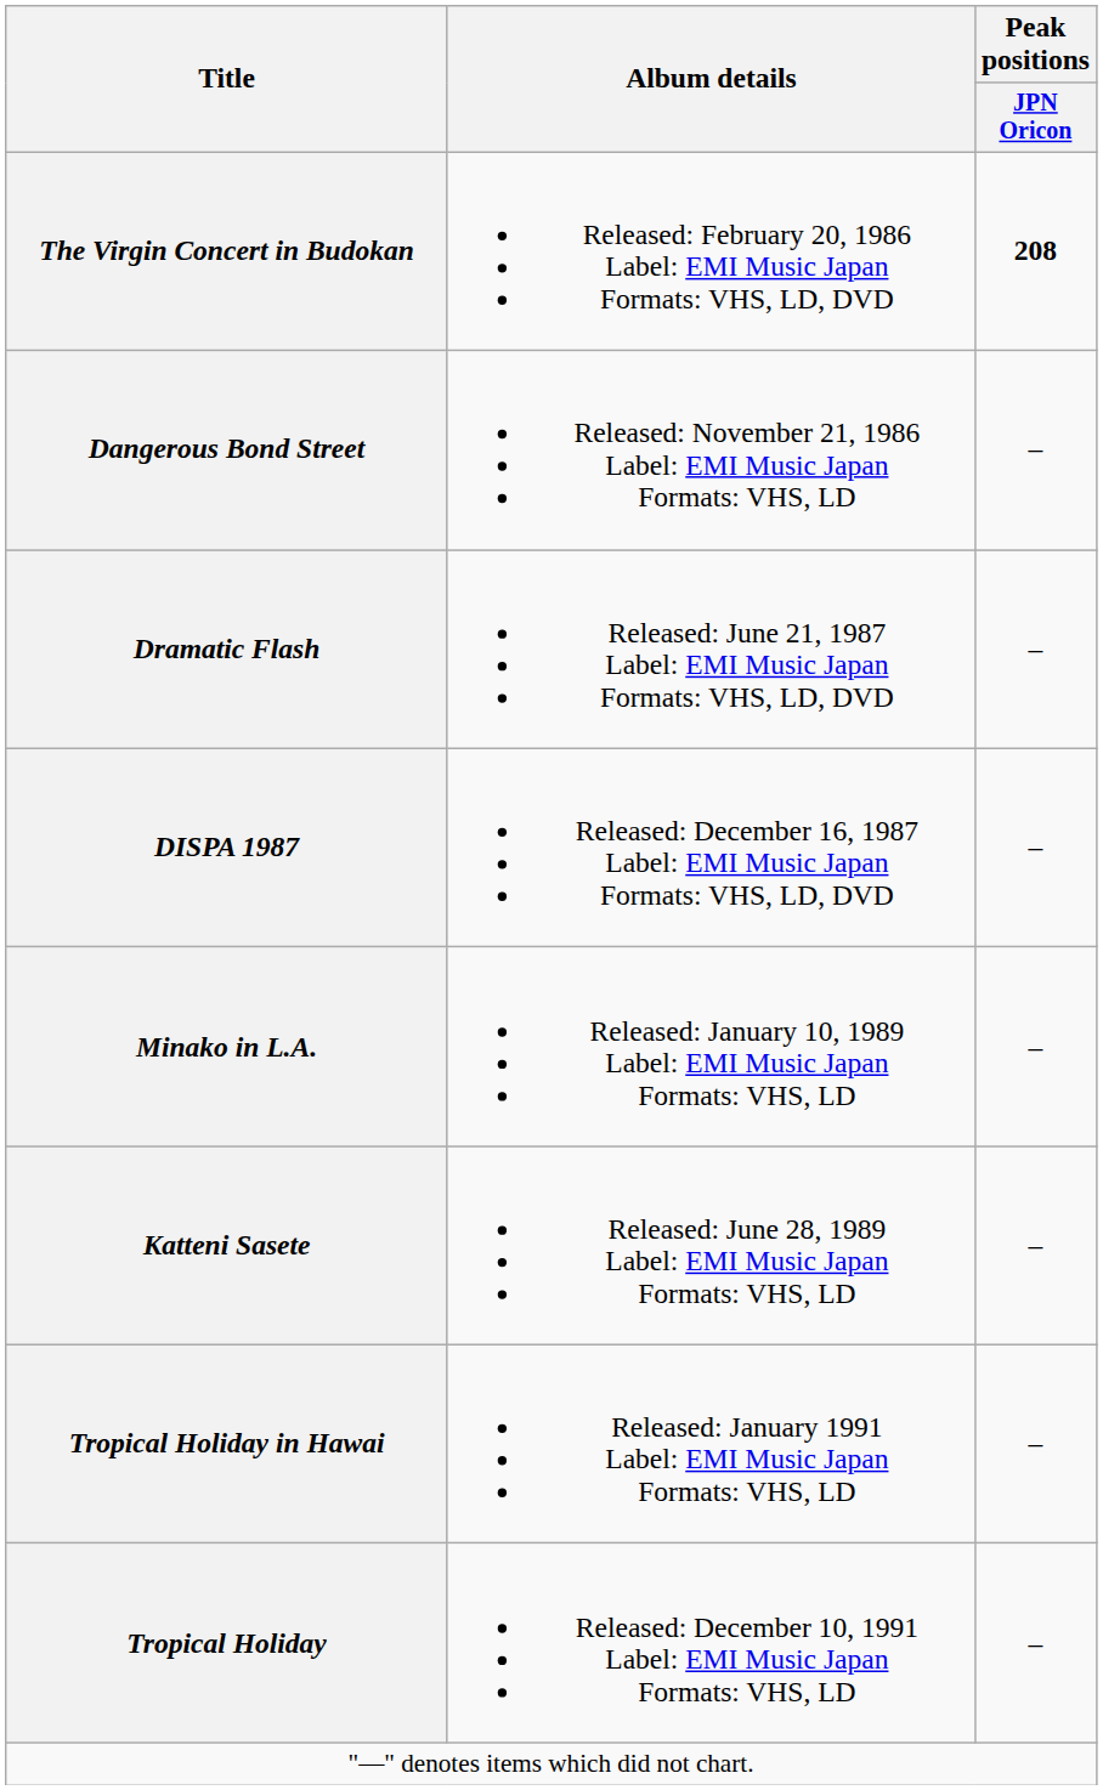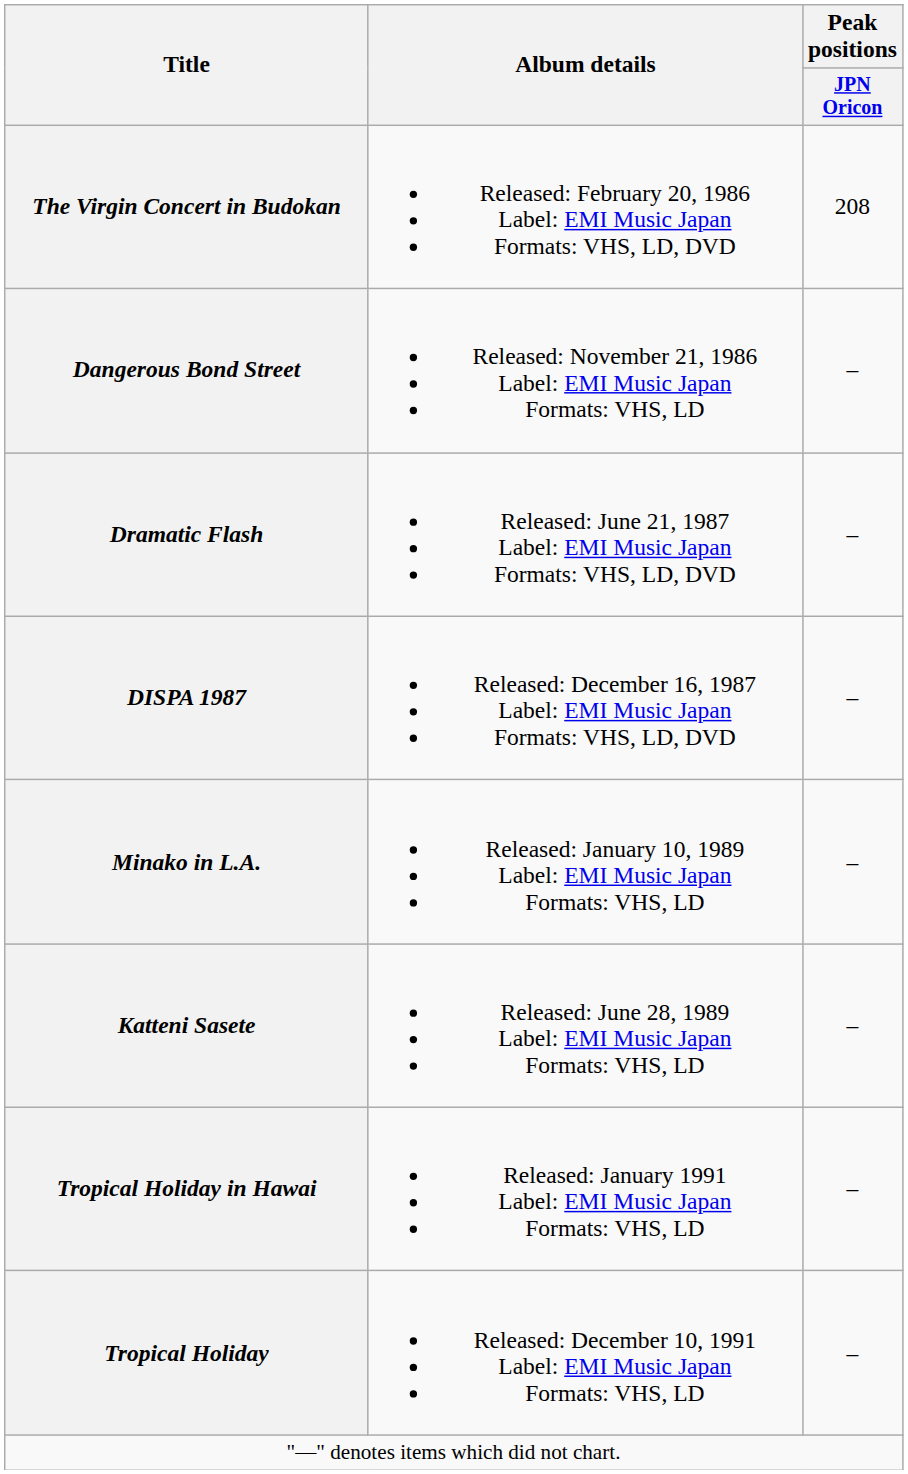 <table class="wikitable plainrowheaders" style="text-align:center;">
 <tr>
 <th style="width:15em;" rowspan="2">Title</th>
 <th style="width:18em;" rowspan="2">Album details</th>
 <th colspan="1">Peak positions</th>
 </tr>
 <tr>
 <th style="width:3em;font-size:85%"><a href='#'>JPN<br>Oricon</a><br></th>
 </tr>
 <tr>
 <th scope="row"><em>The Virgin Concert in Budokan</em></th>
 <td><br><ul><li>Released: February 20, 1986</li><li>Label: <a href='#'>EMI Music Japan</a></li><li>Formats: VHS, LD, DVD</li></ul></td>
-<td><strong>208</strong></td>
+<td>208</td>
 </tr>
 <tr>
 <th scope="row"><em>Dangerous Bond Street</em></th>
 <td><br><ul><li>Released: November 21, 1986</li><li>Label: <a href='#'>EMI Music Japan</a></li><li>Formats: VHS, LD</li></ul></td>
 <td>–</td>
 </tr>
 <tr>
 <th scope="row"><em>Dramatic Flash</em></th>
 <td><br><ul><li>Released: June 21, 1987</li><li>Label: <a href='#'>EMI Music Japan</a></li><li>Formats: VHS, LD, DVD</li></ul></td>
 <td>–</td>
 </tr>
 <tr>
 <th scope="row"><em>DISPA 1987</em></th>
 <td><br><ul><li>Released: December 16, 1987</li><li>Label: <a href='#'>EMI Music Japan</a></li><li>Formats: VHS, LD, DVD</li></ul></td>
 <td>–</td>
 </tr>
 <tr>
 <th scope="row"><em>Minako in L.A.</em></th>
 <td><br><ul><li>Released: January 10, 1989</li><li>Label: <a href='#'>EMI Music Japan</a></li><li>Formats: VHS, LD</li></ul></td>
 <td>–</td>
 </tr>
 <tr>
 <th scope="row"><em>Katteni Sasete</em></th>
 <td><br><ul><li>Released: June 28, 1989</li><li>Label: <a href='#'>EMI Music Japan</a></li><li>Formats: VHS, LD</li></ul></td>
 <td>–</td>
 </tr>
 <tr>
 <th scope="row"><em>Tropical Holiday in Hawai</em></th>
 <td><br><ul><li>Released: January 1991</li><li>Label: <a href='#'>EMI Music Japan</a></li><li>Formats: VHS, LD</li></ul></td>
 <td>–</td>
 </tr>
 <tr>
 <th scope="row"><em>Tropical Holiday</em></th>
 <td><br><ul><li>Released: December 10, 1991</li><li>Label: <a href='#'>EMI Music Japan</a></li><li>Formats: VHS, LD</li></ul></td>
 <td>–</td>
 </tr>
 <tr>
 <td colspan="11" align="center" style="font-size:90%;">"—" denotes items which did not chart.</td>
 </tr>
 </table>
